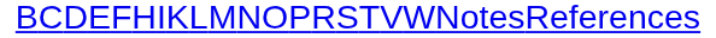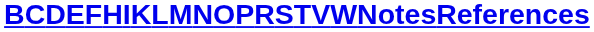 <table id="toc" class="toc" summary="Class" align="center" style="text-align:center;">
 <tr>
 <th></th>
 </tr>
 <tr>
-<td><a href='#'>B</a><a href='#'>C</a><a href='#'>D</a><a href='#'>E</a><a href='#'>F</a><a href='#'>H</a><a href='#'>I</a><a href='#'>K</a><a href='#'>L</a><a href='#'>M</a><a href='#'>N</a><a href='#'>O</a><a href='#'>P</a><a href='#'>R</a><a href='#'>S</a><a href='#'>T</a><a href='#'>V</a><a href='#'>W</a><a href='#'>Notes</a><a href='#'>References</a></td>
+<td><strong><a href='#'>B</a><a href='#'>C</a><a href='#'>D</a><a href='#'>E</a><a href='#'>F</a><a href='#'>H</a><a href='#'>I</a><a href='#'>K</a><a href='#'>L</a><a href='#'>M</a><a href='#'>N</a><a href='#'>O</a><a href='#'>P</a><a href='#'>R</a><a href='#'>S</a><a href='#'>T</a><a href='#'>V</a><a href='#'>W</a><a href='#'>Notes</a><a href='#'>References</a></strong></td>
 </tr>
 </table>
